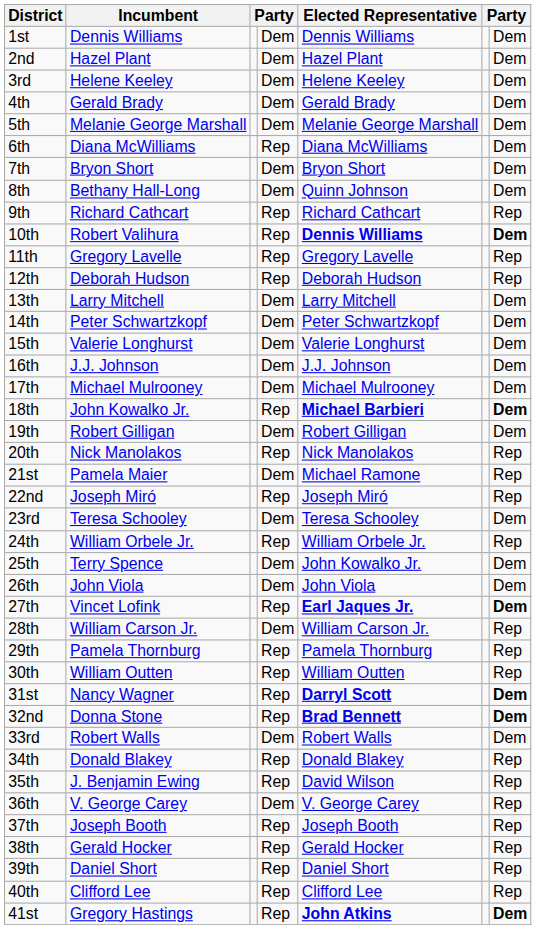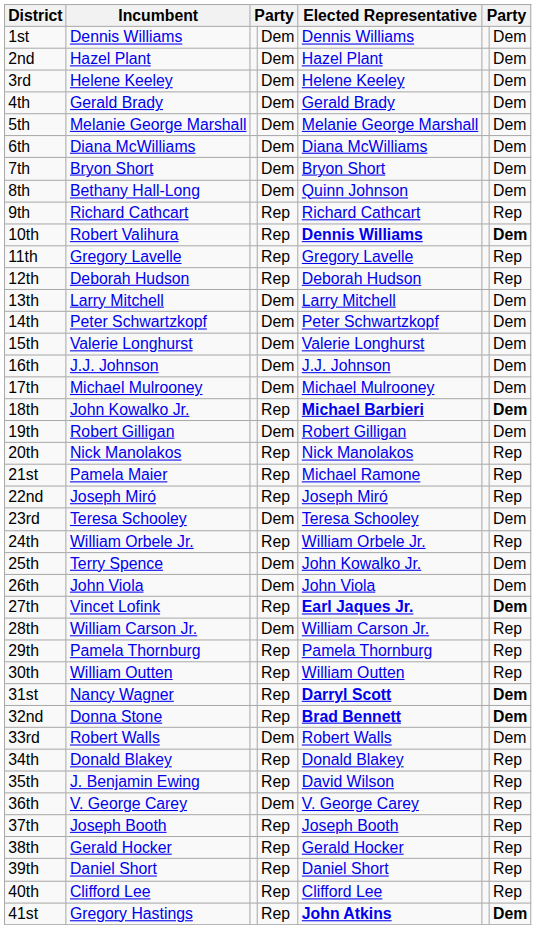 <table class="sortable wikitable" style="font-size:95%;line-height:14px;">
 <tr>
 <th class="sortable">District</th>
 <th class="unsortable">Incumbent</th>
 <th colspan="2">Party</th>
 <th class="unsortable">Elected Representative</th>
 <th colspan="2">Party</th>
 </tr>
 <tr>
 <td>1st</td>
 <td><a href='#'>Dennis Williams</a></td>
 <td style="background:"></td>
 <td>Dem</td>
 <td><a href='#'>Dennis Williams</a></td>
 <td style="background:"></td>
 <td>Dem</td>
 </tr>
 <tr>
 <td>2nd</td>
 <td><a href='#'>Hazel Plant</a></td>
 <td style="background:"></td>
 <td>Dem</td>
 <td><a href='#'>Hazel Plant</a></td>
 <td style="background:"></td>
 <td>Dem</td>
 </tr>
 <tr>
 <td>3rd</td>
 <td><a href='#'>Helene Keeley</a></td>
 <td style="background:"></td>
 <td>Dem</td>
 <td><a href='#'>Helene Keeley</a></td>
 <td style="background:"></td>
 <td>Dem</td>
 </tr>
 <tr>
 <td>4th</td>
 <td><a href='#'>Gerald Brady</a></td>
 <td style="background:"></td>
 <td>Dem</td>
 <td><a href='#'>Gerald Brady</a></td>
 <td style="background:"></td>
 <td>Dem</td>
 </tr>
 <tr>
 <td>5th</td>
 <td><a href='#'>Melanie George Marshall</a></td>
 <td style="background:"></td>
 <td>Dem</td>
 <td><a href='#'>Melanie George Marshall</a></td>
 <td style="background:"></td>
 <td>Dem</td>
 </tr>
 <tr>
 <td>6th</td>
 <td><a href='#'>Diana McWilliams</a></td>
 <td style="background:"></td>
-<td>Rep</td>
+<td>Dem</td>
 <td><a href='#'>Diana McWilliams</a></td>
 <td style="background:"></td>
 <td>Dem</td>
 </tr>
 <tr>
 <td>7th</td>
 <td><a href='#'>Bryon Short</a></td>
 <td style="background:"></td>
 <td>Dem</td>
 <td><a href='#'>Bryon Short</a></td>
 <td style="background:"></td>
 <td>Dem</td>
 </tr>
 <tr>
 <td>8th</td>
 <td><a href='#'>Bethany Hall-Long</a></td>
 <td style="background:"></td>
 <td>Dem</td>
 <td><a href='#'>Quinn Johnson</a></td>
 <td style="background:"></td>
 <td>Dem</td>
 </tr>
 <tr>
 <td>9th</td>
 <td><a href='#'>Richard Cathcart</a></td>
 <td style="background:"></td>
 <td>Rep</td>
 <td><a href='#'>Richard Cathcart</a></td>
 <td style="background:"></td>
 <td>Rep</td>
 </tr>
 <tr>
 <td>10th</td>
 <td><a href='#'>Robert Valihura</a></td>
 <td style="background:"></td>
 <td>Rep</td>
 <td><strong><a href='#'>Dennis Williams</a></strong></td>
 <td style="background:"></td>
 <td><strong>Dem</strong></td>
 </tr>
 <tr>
 <td>11th</td>
 <td><a href='#'>Gregory Lavelle</a></td>
 <td style="background:"></td>
 <td>Rep</td>
 <td><a href='#'>Gregory Lavelle</a></td>
 <td style="background:"></td>
 <td>Rep</td>
 </tr>
 <tr>
 <td>12th</td>
 <td><a href='#'>Deborah Hudson</a></td>
 <td style="background:"></td>
 <td>Rep</td>
 <td><a href='#'>Deborah Hudson</a></td>
 <td style="background:"></td>
 <td>Rep</td>
 </tr>
 <tr>
 <td>13th</td>
 <td><a href='#'>Larry Mitchell</a></td>
 <td style="background:"></td>
 <td>Dem</td>
 <td><a href='#'>Larry Mitchell</a></td>
 <td style="background:"></td>
 <td>Dem</td>
 </tr>
 <tr>
 <td>14th</td>
 <td><a href='#'>Peter Schwartzkopf</a></td>
 <td style="background:"></td>
 <td>Dem</td>
 <td><a href='#'>Peter Schwartzkopf</a></td>
 <td style="background:"></td>
 <td>Dem</td>
 </tr>
 <tr>
 <td>15th</td>
 <td><a href='#'>Valerie Longhurst</a></td>
 <td style="background:"></td>
 <td>Dem</td>
 <td><a href='#'>Valerie Longhurst</a></td>
 <td style="background:"></td>
 <td>Dem</td>
 </tr>
 <tr>
 <td>16th</td>
 <td><a href='#'>J.J. Johnson</a></td>
 <td style="background:"></td>
 <td>Dem</td>
 <td><a href='#'>J.J. Johnson</a></td>
 <td style="background:"></td>
 <td>Dem</td>
 </tr>
 <tr>
 <td>17th</td>
 <td><a href='#'>Michael Mulrooney</a></td>
 <td style="background:"></td>
 <td>Dem</td>
 <td><a href='#'>Michael Mulrooney</a></td>
 <td style="background:"></td>
 <td>Dem</td>
 </tr>
 <tr>
 <td>18th</td>
 <td><a href='#'>John Kowalko Jr.</a></td>
 <td style="background:"></td>
 <td>Rep</td>
 <td><strong><a href='#'>Michael Barbieri</a></strong></td>
 <td style="background:"></td>
 <td><strong>Dem</strong></td>
 </tr>
 <tr>
 <td>19th</td>
 <td><a href='#'>Robert Gilligan</a></td>
 <td style="background:"></td>
 <td>Dem</td>
 <td><a href='#'>Robert Gilligan</a></td>
 <td style="background:"></td>
 <td>Dem</td>
 </tr>
 <tr>
 <td>20th</td>
 <td><a href='#'>Nick Manolakos</a></td>
 <td style="background:"></td>
 <td>Rep</td>
 <td><a href='#'>Nick Manolakos</a></td>
 <td style="background:"></td>
 <td>Rep</td>
 </tr>
 <tr>
 <td>21st</td>
 <td><a href='#'>Pamela Maier</a></td>
 <td style="background:"></td>
-<td>Dem</td>
+<td>Rep</td>
 <td><a href='#'>Michael Ramone</a></td>
 <td style="background:"></td>
 <td>Rep</td>
 </tr>
 <tr>
 <td>22nd</td>
 <td><a href='#'>Joseph Miró</a></td>
 <td style="background:"></td>
 <td>Rep</td>
 <td><a href='#'>Joseph Miró</a></td>
 <td style="background:"></td>
 <td>Rep</td>
 </tr>
 <tr>
 <td>23rd</td>
 <td><a href='#'>Teresa Schooley</a></td>
 <td style="background:"></td>
 <td>Dem</td>
 <td><a href='#'>Teresa Schooley</a></td>
 <td style="background:"></td>
 <td>Dem</td>
 </tr>
 <tr>
 <td>24th</td>
 <td><a href='#'>William Orbele Jr.</a></td>
 <td style="background:"></td>
 <td>Rep</td>
 <td><a href='#'>William Orbele Jr.</a></td>
 <td style="background:"></td>
 <td>Rep</td>
 </tr>
 <tr>
 <td>25th</td>
 <td><a href='#'>Terry Spence</a></td>
 <td style="background:"></td>
 <td>Dem</td>
 <td><a href='#'>John Kowalko Jr.</a></td>
 <td style="background:"></td>
 <td>Dem</td>
 </tr>
 <tr>
 <td>26th</td>
 <td><a href='#'>John Viola</a></td>
 <td style="background:"></td>
 <td>Dem</td>
 <td><a href='#'>John Viola</a></td>
 <td style="background:"></td>
 <td>Dem</td>
 </tr>
 <tr>
 <td>27th</td>
 <td><a href='#'>Vincet Lofink</a></td>
 <td style="background:"></td>
 <td>Rep</td>
 <td><strong><a href='#'>Earl Jaques Jr.</a></strong></td>
 <td style="background:"></td>
 <td><strong>Dem</strong></td>
 </tr>
 <tr>
 <td>28th</td>
 <td><a href='#'>William Carson Jr.</a></td>
 <td style="background:"></td>
 <td>Dem</td>
 <td><a href='#'>William Carson Jr.</a></td>
 <td style="background:"></td>
 <td>Rep</td>
 </tr>
 <tr>
 <td>29th</td>
 <td><a href='#'>Pamela Thornburg</a></td>
 <td style="background:"></td>
 <td>Rep</td>
 <td><a href='#'>Pamela Thornburg</a></td>
 <td style="background:"></td>
 <td>Rep</td>
 </tr>
 <tr>
 <td>30th</td>
 <td><a href='#'>William Outten</a></td>
 <td style="background:"></td>
 <td>Rep</td>
 <td><a href='#'>William Outten</a></td>
 <td style="background:"></td>
 <td>Rep</td>
 </tr>
 <tr>
 <td>31st</td>
 <td><a href='#'>Nancy Wagner</a></td>
 <td style="background:"></td>
 <td>Rep</td>
 <td><strong><a href='#'>Darryl Scott</a></strong></td>
 <td style="background:"></td>
 <td><strong>Dem</strong></td>
 </tr>
 <tr>
 <td>32nd</td>
 <td><a href='#'>Donna Stone</a></td>
 <td style="background:"></td>
 <td>Rep</td>
 <td><strong><a href='#'>Brad Bennett</a></strong></td>
 <td style="background:"></td>
 <td><strong>Dem</strong></td>
 </tr>
 <tr>
 <td>33rd</td>
 <td><a href='#'>Robert Walls</a></td>
 <td style="background:"></td>
 <td>Dem</td>
 <td><a href='#'>Robert Walls</a></td>
 <td style="background:"></td>
 <td>Dem</td>
 </tr>
 <tr>
 <td>34th</td>
 <td><a href='#'>Donald Blakey</a></td>
 <td style="background:"></td>
 <td>Rep</td>
 <td><a href='#'>Donald Blakey</a></td>
 <td style="background:"></td>
 <td>Rep</td>
 </tr>
 <tr>
 <td>35th</td>
 <td><a href='#'>J. Benjamin Ewing</a></td>
 <td style="background:"></td>
 <td>Rep</td>
 <td><a href='#'>David Wilson</a></td>
 <td style="background:"></td>
 <td>Rep</td>
 </tr>
 <tr>
 <td>36th</td>
 <td><a href='#'>V. George Carey</a></td>
 <td style="background:"></td>
 <td>Dem</td>
 <td><a href='#'>V. George Carey</a></td>
 <td style="background:"></td>
 <td>Rep</td>
 </tr>
 <tr>
 <td>37th</td>
 <td><a href='#'>Joseph Booth</a></td>
 <td style="background:"></td>
 <td>Rep</td>
 <td><a href='#'>Joseph Booth</a></td>
 <td style="background:"></td>
 <td>Rep</td>
 </tr>
 <tr>
 <td>38th</td>
 <td><a href='#'>Gerald Hocker</a></td>
 <td style="background:"></td>
 <td>Rep</td>
 <td><a href='#'>Gerald Hocker</a></td>
 <td style="background:"></td>
 <td>Rep</td>
 </tr>
 <tr>
 <td>39th</td>
 <td><a href='#'>Daniel Short</a></td>
 <td style="background:"></td>
 <td>Rep</td>
 <td><a href='#'>Daniel Short</a></td>
 <td style="background:"></td>
 <td>Rep</td>
 </tr>
 <tr>
 <td>40th</td>
 <td><a href='#'>Clifford Lee</a></td>
 <td style="background:"></td>
 <td>Rep</td>
 <td><a href='#'>Clifford Lee</a></td>
 <td style="background:"></td>
 <td>Rep</td>
 </tr>
 <tr>
 <td>41st</td>
 <td><a href='#'>Gregory Hastings</a></td>
 <td style="background:"></td>
 <td>Rep</td>
 <td><strong><a href='#'>John Atkins</a></strong></td>
 <td style="background:"></td>
 <td><strong>Dem</strong></td>
 </tr>
 <tr>
 </tr>
 </table>
